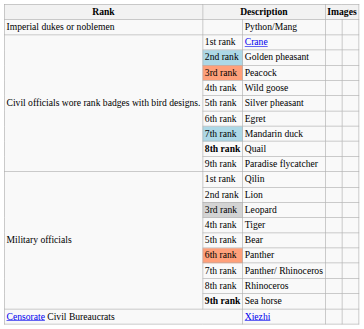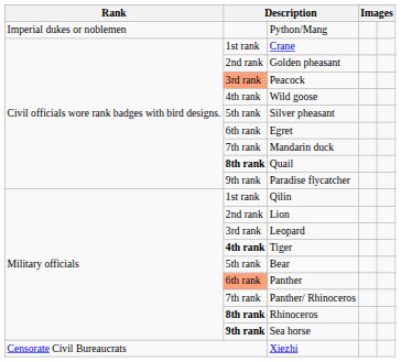 <table class="wikitable">
 <tr>
 <th>Rank</th>
 <th colspan="2">Description</th>
 <th colspan="2">Images</th>
 </tr>
 <tr>
 <td>Imperial dukes or noblemen</td>
 <td></td>
 <td>Python/Mang</td>
 <td></td>
 <td></td>
 </tr>
 <tr>
 <td rowspan="9">Civil officials wore rank badges with bird designs.</td>
 <td>1st rank</td>
 <td><a href='#'>Crane</a></td>
 <td></td>
 <td></td>
 </tr>
 <tr>
-<td style="background: lightblue;">2nd rank</td>
+<td>2nd rank</td>
 <td>Golden pheasant</td>
 <td></td>
 <td></td>
 </tr>
 <tr>
 <td style="background: lightsalmon;">3rd rank</td>
 <td>Peacock</td>
 <td></td>
 <td></td>
 </tr>
 <tr>
 <td>4th rank</td>
 <td>Wild goose</td>
 <td></td>
 <td></td>
 </tr>
 <tr>
 <td>5th rank</td>
 <td>Silver pheasant</td>
 <td></td>
 <td></td>
 </tr>
 <tr>
 <td>6th rank</td>
 <td>Egret</td>
 <td></td>
 <td></td>
 </tr>
 <tr>
-<td style="background: lightblue;">7th rank</td>
+<td>7th rank</td>
 <td>Mandarin duck</td>
 <td></td>
 <td></td>
 </tr>
 <tr>
 <td><strong>8th rank</strong></td>
 <td>Quail</td>
 <td></td>
 <td></td>
 </tr>
 <tr>
 <td>9th rank</td>
 <td>Paradise flycatcher</td>
 <td></td>
 <td></td>
 </tr>
 <tr>
 <td rowspan="9">Military officials</td>
 <td>1st rank</td>
 <td>Qilin</td>
 <td></td>
 <td></td>
 </tr>
 <tr>
 <td>2nd rank</td>
 <td>Lion</td>
 <td></td>
 <td></td>
 </tr>
 <tr>
-<td style="background: lightgrey;">3rd rank</td>
+<td>3rd rank</td>
 <td>Leopard</td>
 <td></td>
 <td></td>
 </tr>
 <tr>
-<td>4th rank</td>
+<td><strong>4th rank</strong></td>
 <td>Tiger</td>
 <td></td>
 <td></td>
 </tr>
 <tr>
 <td>5th rank</td>
 <td>Bear</td>
 <td></td>
 <td></td>
 </tr>
 <tr>
 <td style="background: lightsalmon;">6th rank</td>
 <td>Panther</td>
 <td></td>
 <td></td>
 </tr>
 <tr>
 <td>7th rank</td>
 <td>Panther/ Rhinoceros</td>
 <td></td>
 <td></td>
 </tr>
 <tr>
-<td>8th rank</td>
+<td><strong>8th rank</strong></td>
 <td>Rhinoceros</td>
 <td></td>
 <td></td>
 </tr>
 <tr>
 <td><strong>9th rank</strong></td>
 <td>Sea horse</td>
 <td></td>
 <td></td>
 </tr>
 <tr>
 <td colspan="2"><a href='#'>Censorate</a> Civil Bureaucrats</td>
 <td><a href='#'>Xiezhi</a></td>
 <td></td>
 <td></td>
 </tr>
 </table>
